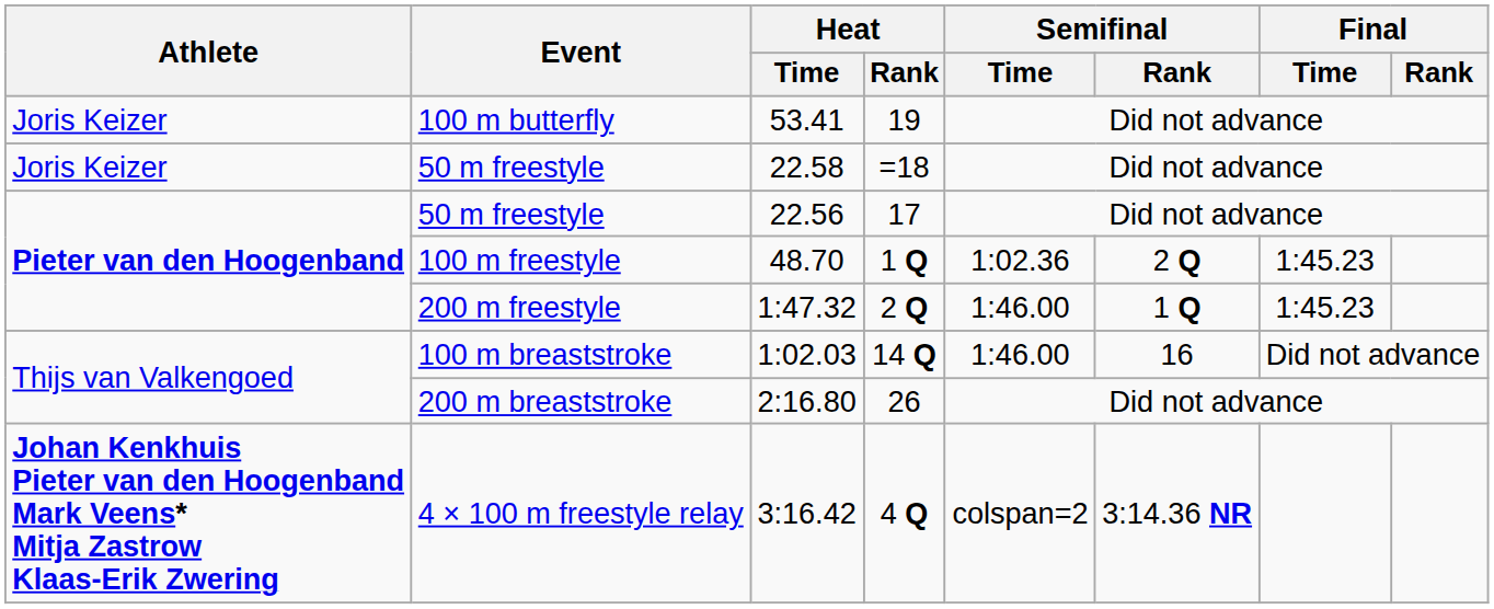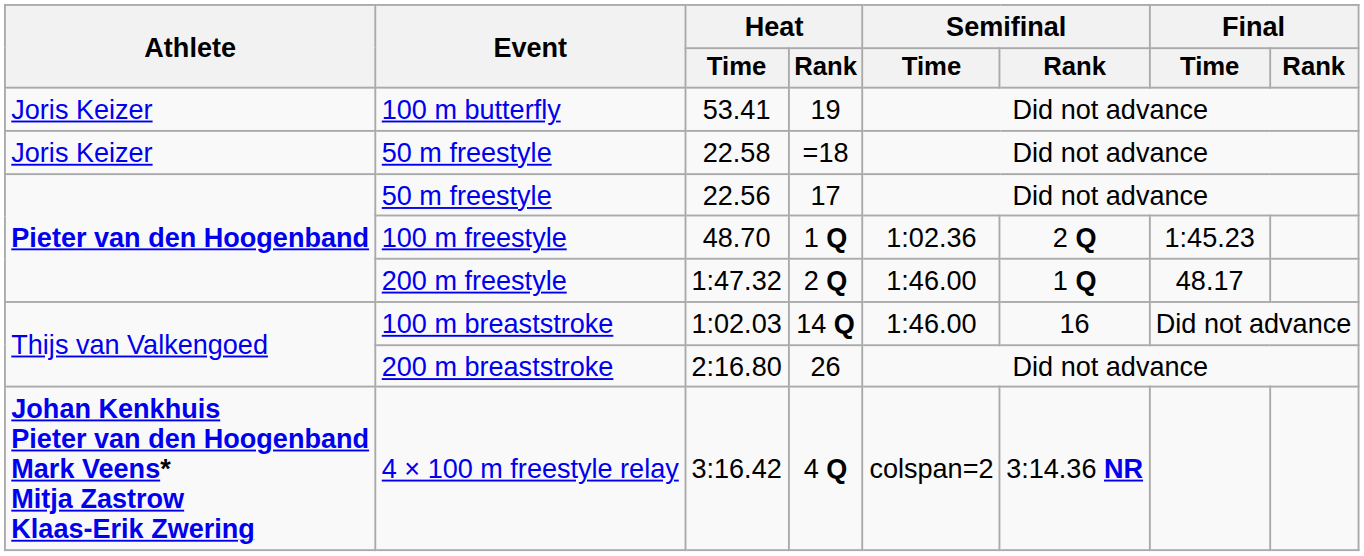 <table class=wikitable style="font-size:90%">
 <tr>
 <th rowspan="2">Athlete</th>
 <th rowspan="2">Event</th>
 <th colspan="2">Heat</th>
 <th colspan="2">Semifinal</th>
 <th colspan="2">Final</th>
 </tr>
 <tr style="font-size:95%">
 <th>Time</th>
 <th>Rank</th>
 <th>Time</th>
 <th>Rank</th>
 <th>Time</th>
 <th>Rank</th>
 </tr>
 <tr align=center>
 <td align=left><a href='#'>Joris Keizer</a></td>
 <td align=left><a href='#'>100 m butterfly</a></td>
 <td>53.41</td>
 <td>19</td>
 <td colspan=4>Did not advance</td>
 </tr>
 <tr align=center>
 <td align=left><a href='#'>Joris Keizer</a></td>
 <td align=left><a href='#'>50 m freestyle</a></td>
 <td>22.58</td>
 <td>=18</td>
 <td colspan=4>Did not advance</td>
 </tr>
 <tr align=center>
 <td align=left rowspan=3><strong><a href='#'>Pieter van den Hoogenband</a></strong></td>
 <td align=left><a href='#'>50 m freestyle</a></td>
 <td>22.56</td>
 <td>17</td>
 <td colspan=4>Did not advance</td>
 </tr>
 <tr align=center>
 <td align=left><a href='#'>100 m freestyle</a></td>
 <td>48.70</td>
 <td>1 <strong>Q</strong></td>
 <td>1:02.36</td>
 <td>2 <strong>Q</strong></td>
 <td>1:45.23</td>
 <td></td>
 </tr>
 <tr align=center>
 <td align=left><a href='#'>200 m freestyle</a></td>
 <td>1:47.32</td>
 <td>2 <strong>Q</strong></td>
 <td>1:46.00</td>
 <td>1 <strong>Q</strong></td>
-<td>1:45.23</td>
+<td>48.17</td>
 <td></td>
 </tr>
 <tr align=center>
 <td align=left rowspan=2><a href='#'>Thijs van Valkengoed</a></td>
 <td align=left><a href='#'>100 m breaststroke</a></td>
 <td>1:02.03</td>
 <td>14 <strong>Q</strong></td>
 <td>1:46.00</td>
 <td>16</td>
 <td colspan=2>Did not advance</td>
 </tr>
 <tr align=center>
 <td align=left><a href='#'>200 m breaststroke</a></td>
 <td>2:16.80</td>
 <td>26</td>
 <td colspan=4>Did not advance</td>
 </tr>
 <tr align=center>
 <td align=left><strong><a href='#'>Johan Kenkhuis</a><br><a href='#'>Pieter van den Hoogenband</a><br><a href='#'>Mark Veens</a>*<br><a href='#'>Mitja Zastrow</a><br><a href='#'>Klaas-Erik Zwering</a></strong></td>
 <td align=left><a href='#'>4 × 100 m freestyle relay</a></td>
 <td>3:16.42</td>
 <td>4 <strong>Q</strong></td>
 <td>colspan=2 </td>
 <td>3:14.36 <strong><a href='#'>NR</a></strong></td>
 <td></td>
 </tr>
 </table>
